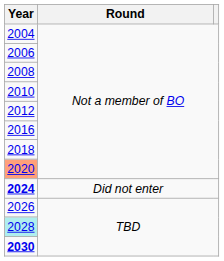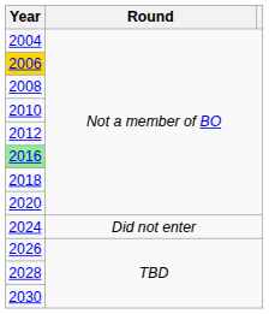 <table class="wikitable" style="text-align: center; font-size:90%">
 <tr>
 <th>Year</th>
 <th style="width:200px">Round</th>
 <th></th>
 </tr>
 <tr>
 <td><a href='#'>2004</a></td>
 <td colspan="2" rowspan="8"><em>Not a member of <a href='#'>BO</a></em></td>
 </tr>
 <tr>
-<td><a href='#'>2006</a></td>
+<td style="background: gold;"><a href='#'>2006</a></td>
 </tr>
 <tr>
 <td><a href='#'>2008</a></td>
 </tr>
 <tr>
 <td><a href='#'>2010</a></td>
 </tr>
 <tr>
 <td><a href='#'>2012</a></td>
 </tr>
 <tr>
-<td><a href='#'>2016</a></td>
+<td style="background: lightgreen;"><a href='#'>2016</a></td>
 </tr>
 <tr>
 <td><a href='#'>2018</a></td>
 </tr>
 <tr>
-<td style="background: lightsalmon;"><a href='#'>2020</a></td>
+<td><a href='#'>2020</a></td>
 </tr>
 <tr>
-<td><strong><a href='#'>2024</a></strong></td>
+<td><a href='#'>2024</a></td>
 <td colspan="2"><em>Did not enter</em></td>
 </tr>
 <tr>
 <td><a href='#'>2026</a></td>
 <td colspan="2" rowspan="9"><em>TBD</em></td>
 </tr>
 <tr>
-<td style="background: paleturquoise;"><a href='#'>2028</a></td>
+<td><a href='#'>2028</a></td>
 </tr>
 <tr>
-<td><strong><a href='#'>2030</a></strong></td>
+<td><a href='#'>2030</a></td>
 </tr>
 </table>
